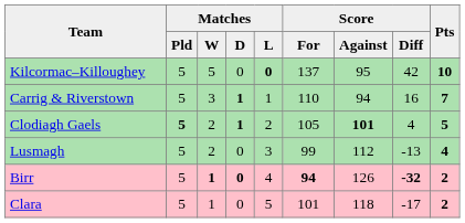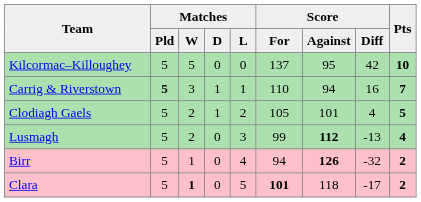 <table style=border-collapse:collapse border=1 cellspacing=0 cellpadding=5>
 <tr align=center bgcolor=#efefef>
 <th rowspan=2 width=165>Team</th>
 <th colspan=4>Matches</th>
 <th colspan=3>Score</th>
 <th rowspan=2width=20>Pts</th>
 </tr>
 <tr align=center bgcolor=#efefef>
 <th width=20>Pld</th>
 <th width=20>W</th>
 <th width=20>D</th>
 <th width=20>L</th>
 <th width=45>For</th>
 <th width=45>Against</th>
 <th width=30>Diff</th>
 </tr>
 <tr align=center style="background:#ACE1AF;">
 <td style="text-align:left;"><a href='#'>Kilcormac–Killoughey</a></td>
 <td>5</td>
 <td>5</td>
 <td>0</td>
-<td><strong>0</strong></td>
+<td>0</td>
 <td>137</td>
 <td>95</td>
 <td>42</td>
 <td><strong>10</strong></td>
 </tr>
 <tr align=center style="background:#ACE1AF;">
 <td style="text-align:left;"><a href='#'>Carrig & Riverstown</a></td>
-<td>5</td>
+<td><strong>5</strong></td>
 <td>3</td>
-<td><strong>1</strong></td>
+<td>1</td>
 <td>1</td>
 <td>110</td>
 <td>94</td>
 <td>16</td>
 <td><strong>7</strong></td>
 </tr>
 <tr align=center style="background:#ACE1AF;">
 <td style="text-align:left;"><a href='#'>Clodiagh Gaels</a></td>
-<td><strong>5</strong></td>
+<td>5</td>
 <td>2</td>
-<td><strong>1</strong></td>
+<td>1</td>
 <td>2</td>
 <td>105</td>
-<td><strong>101</strong></td>
+<td>101</td>
 <td>4</td>
 <td><strong>5</strong></td>
 </tr>
 <tr align=center style="background:#ACE1AF;">
 <td style="text-align:left;"><a href='#'>Lusmagh</a></td>
 <td>5</td>
 <td>2</td>
 <td>0</td>
 <td>3</td>
 <td>99</td>
-<td>112</td>
+<td><strong>112</strong></td>
 <td>-13</td>
 <td><strong>4</strong></td>
 </tr>
 <tr align=center style="background:#FFC0CB;">
 <td style="text-align:left;"><a href='#'>Birr</a></td>
 <td>5</td>
-<td><strong>1</strong></td>
-<td><strong>0</strong></td>
+<td>1</td>
+<td>0</td>
 <td>4</td>
-<td><strong>94</strong></td>
-<td>126</td>
-<td><strong>-32</strong></td>
+<td>94</td>
+<td><strong>126</strong></td>
+<td>-32</td>
 <td><strong>2</strong></td>
 </tr>
 <tr align=center style="background:#FFC0CB;">
 <td style="text-align:left;"><a href='#'>Clara</a></td>
 <td>5</td>
-<td>1</td>
+<td><strong>1</strong></td>
 <td>0</td>
 <td>5</td>
-<td>101</td>
+<td><strong>101</strong></td>
 <td>118</td>
 <td>-17</td>
 <td><strong>2</strong></td>
 </tr>
 </table>
